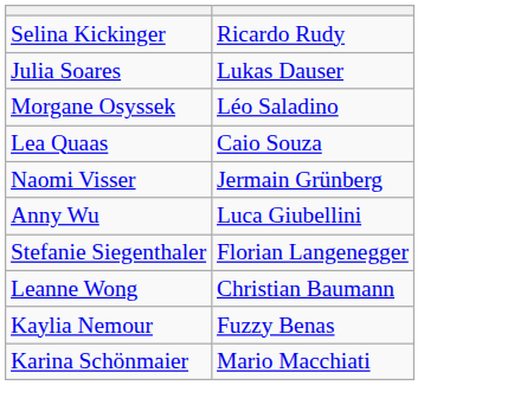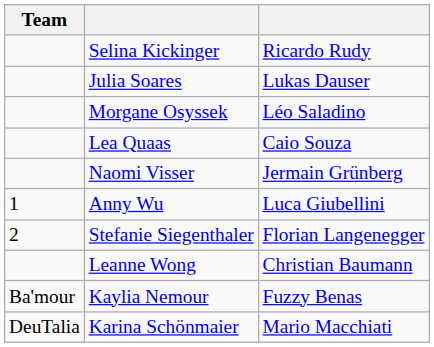 <table class="wikitable">
 <tr>
+<th style="text-align:center;">Team</th>
 <th style="text-align:center;"></th>
 <th style="text-align:center;"></th>
 </tr>
 <tr>
+<td></td>
 <td><a href='#'>Selina Kickinger</a></td>
 <td><a href='#'>Ricardo Rudy</a></td>
 </tr>
 <tr>
+<td> </td>
 <td><a href='#'>Julia Soares</a></td>
 <td><a href='#'>Lukas Dauser</a></td>
 </tr>
 <tr>
+<td></td>
 <td><a href='#'>Morgane Osyssek</a></td>
 <td><a href='#'>Léo Saladino</a></td>
 </tr>
 <tr>
+<td></td>
 <td><a href='#'>Lea Quaas</a></td>
 <td><a href='#'>Caio Souza</a></td>
 </tr>
 <tr>
+<td></td>
 <td><a href='#'>Naomi Visser</a></td>
 <td><a href='#'>Jermain Grünberg</a></td>
 </tr>
 <tr>
+<td> 1</td>
 <td><a href='#'>Anny Wu</a></td>
 <td><a href='#'>Luca Giubellini</a></td>
 </tr>
 <tr>
+<td> 2</td>
 <td><a href='#'>Stefanie Siegenthaler</a></td>
 <td><a href='#'>Florian Langenegger</a></td>
 </tr>
 <tr>
+<td> </td>
 <td><a href='#'>Leanne Wong</a></td>
 <td><a href='#'>Christian Baumann</a></td>
 </tr>
 <tr>
+<td>  Ba'mour </td>
 <td><a href='#'>Kaylia Nemour</a></td>
 <td><a href='#'>Fuzzy Benas</a></td>
 </tr>
 <tr>
+<td>  DeuTalia </td>
 <td><a href='#'>Karina Schönmaier</a></td>
 <td><a href='#'>Mario Macchiati</a></td>
 </tr>
 </table>
